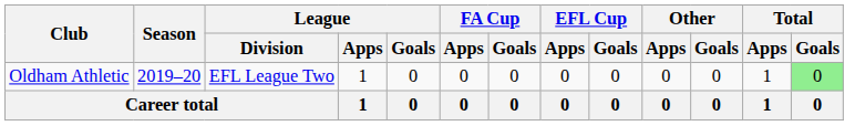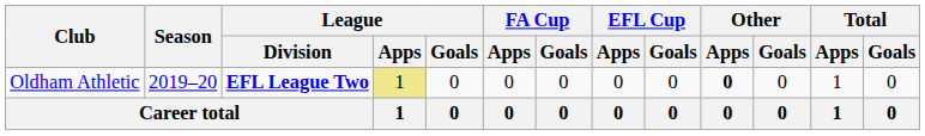 <table class="wikitable" style="text-align:center">
 <tr>
 <th rowspan="2">Club</th>
 <th rowspan="2">Season</th>
 <th colspan="3">League</th>
 <th colspan="2"><a href='#'>FA Cup</a></th>
 <th colspan="2"><a href='#'>EFL Cup</a></th>
 <th colspan="2">Other</th>
 <th colspan="2">Total</th>
 </tr>
 <tr>
 <th>Division</th>
 <th>Apps</th>
 <th>Goals</th>
 <th>Apps</th>
 <th>Goals</th>
 <th>Apps</th>
 <th>Goals</th>
 <th>Apps</th>
 <th>Goals</th>
 <th>Apps</th>
 <th>Goals</th>
 </tr>
 <tr>
 <td><a href='#'>Oldham Athletic</a></td>
 <td><a href='#'>2019–20</a></td>
-<td><a href='#'>EFL League Two</a></td>
-<td>1</td>
+<td><strong><a href='#'>EFL League Two</a></strong></td>
+<td style="background: khaki;">1</td>
 <td>0</td>
 <td>0</td>
 <td>0</td>
 <td>0</td>
 <td>0</td>
-<td>0</td>
+<td><strong>0</strong></td>
 <td>0</td>
 <td>1</td>
-<td style="background: lightgreen;">0</td>
+<td>0</td>
 </tr>
 <tr>
 <th colspan="3">Career total</th>
 <th>1</th>
 <th>0</th>
 <th>0</th>
 <th>0</th>
 <th>0</th>
 <th>0</th>
 <th>0</th>
 <th>0</th>
 <th>1</th>
 <th>0</th>
 </tr>
 </table>
